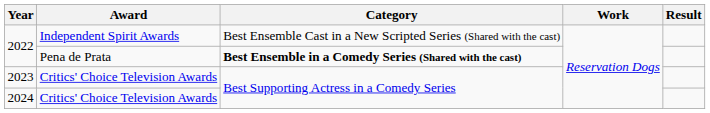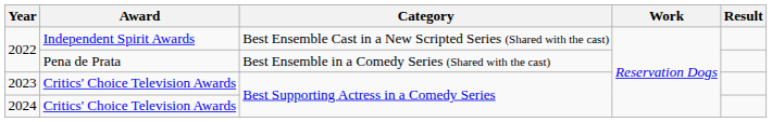 <table class="wikitable">
 <tr>
 <th>Year</th>
 <th>Award</th>
 <th>Category</th>
 <th>Work</th>
 <th>Result</th>
 </tr>
 <tr>
 <td rowspan="2">2022</td>
 <td><a href='#'>Independent Spirit Awards</a></td>
 <td>Best Ensemble Cast in a New Scripted Series <small>(Shared with the cast)</small></td>
 <td rowspan="4"><em><a href='#'>Reservation Dogs</a></em></td>
 <td></td>
 </tr>
 <tr>
 <td>Pena de Prata</td>
-<td><strong>Best Ensemble in a Comedy Series <small>(Shared with the cast)</small></strong></td>
+<td>Best Ensemble in a Comedy Series <small>(Shared with the cast)</small></td>
 <td></td>
 </tr>
 <tr>
 <td>2023</td>
 <td><a href='#'>Critics' Choice Television Awards</a></td>
 <td rowspan="2"><a href='#'>Best Supporting Actress in a Comedy Series</a></td>
 <td></td>
 </tr>
 <tr>
 <td>2024</td>
 <td><a href='#'>Critics' Choice Television Awards</a></td>
 <td></td>
 </tr>
 </table>
